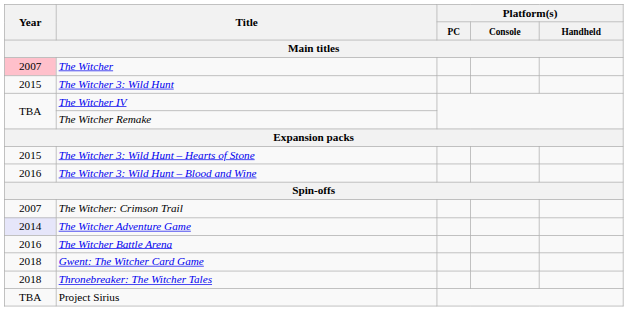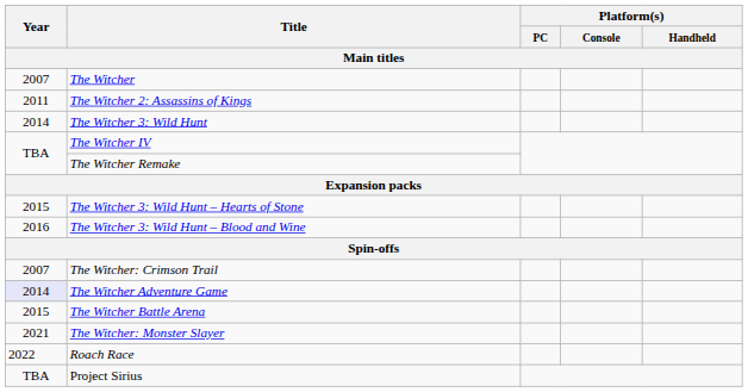 <table class="wikitable" style="width:70%" style="align:center;">
 <tr>
 <th rowspan="2">Year</th>
 <th rowspan="2">Title</th>
 <th colspan="3">Platform(s)</th>
 </tr>
 <tr style="text-align:center;">
 <th><small><strong>PC</strong></small></th>
 <th><small><strong>Console</strong></small></th>
 <th><small><strong>Handheld</strong></small></th>
 </tr>
 <tr>
 <th colspan="5">Main titles</th>
 </tr>
 <tr>
-<td style="background: pink; text-align:center;">2007</td>
+<td style="text-align:center;">2007</td>
 <td><em><a href='#'>The Witcher</a></em></td>
 <td></td>
 <td></td>
 <td></td>
 </tr>
 <tr>
-<td style="text-align:center;">2015</td>
+<td style="text-align:center;">2011</td>
+<td><em><a href='#'>The Witcher 2: Assassins of Kings</a></em></td>
+<td></td>
+<td></td>
+<td></td>
+</tr>
+<tr>
+<td style="text-align:center;">2014</td>
 <td><em><a href='#'>The Witcher 3: Wild Hunt</a></em></td>
 <td></td>
 <td></td>
 <td></td>
 </tr>
 <tr>
 <td style="text-align:center;" rowspan="2">TBA</td>
 <td><em><a href='#'>The Witcher IV</a></em></td>
 <td colspan="3" rowspan="2"></td>
 </tr>
 <tr>
 <td><em>The Witcher Remake</em></td>
 </tr>
 <tr>
 <th colspan="5">Expansion packs</th>
 </tr>
 <tr>
 <td style="text-align:center;">2015</td>
 <td><em><a href='#'>The Witcher 3: Wild Hunt – Hearts of Stone</a></em></td>
 <td></td>
 <td></td>
 <td></td>
 </tr>
 <tr>
 <td style="text-align:center;">2016</td>
 <td><em><a href='#'>The Witcher 3: Wild Hunt – Blood and Wine</a></em></td>
 <td></td>
 <td></td>
 <td></td>
 </tr>
 <tr>
 <th colspan="5">Spin-offs</th>
 </tr>
 <tr>
 <td style="text-align:center;">2007</td>
 <td><em>The Witcher: Crimson Trail</em></td>
 <td></td>
 <td></td>
 <td></td>
 </tr>
 <tr>
 <td style="background: lavender; text-align:center;">2014</td>
 <td><em><a href='#'>The Witcher Adventure Game</a></em></td>
 <td></td>
 <td></td>
 <td></td>
 </tr>
 <tr>
-<td style="text-align:center;">2016</td>
+<td style="text-align:center;">2015</td>
 <td><em><a href='#'>The Witcher Battle Arena</a></em></td>
 <td></td>
 <td></td>
 <td></td>
 </tr>
 <tr>
-<td style="text-align:center;">2018</td>
-<td><em><a href='#'>Gwent: The Witcher Card Game</a></em></td>
+<td style="text-align:center;">2021</td>
+<td><em><a href='#'>The Witcher: Monster Slayer</a></em></td>
 <td></td>
 <td></td>
 <td></td>
 </tr>
 <tr>
-<td style="text-align:center;">2018</td>
-<td><em><a href='#'>Thronebreaker: The Witcher Tales</a></em></td>
+<td>2022</td>
+<td><em>Roach Race</em></td>
 <td></td>
 <td></td>
 <td></td>
 </tr>
 <tr>
 <td style="text-align:center;">TBA</td>
 <td>Project Sirius</td>
 <td colspan="3"></td>
 </tr>
 </table>
